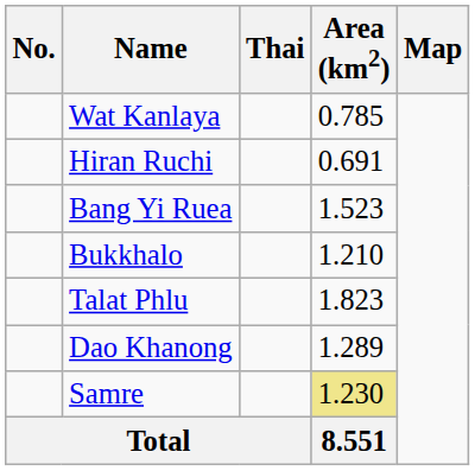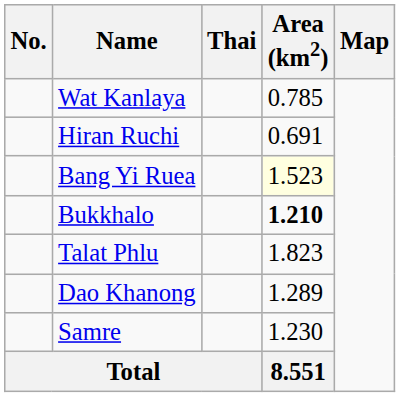 <table class="wikitable sortable">
 <tr>
 <th>No.</th>
 <th>Name</th>
 <th>Thai</th>
 <th>Area<br>(km<sup>2</sup>)</th>
 <th>Map</th>
 </tr>
 <tr>
 <td></td>
 <td><a href='#'>Wat Kanlaya</a></td>
 <td></td>
 <td><div>0.785</div></td>
 <td rowspan=8></td>
 </tr>
 <tr>
 <td></td>
 <td><a href='#'>Hiran Ruchi</a></td>
 <td></td>
 <td><div>	0.691</div></td>
 </tr>
 <tr>
 <td></td>
 <td><a href='#'>Bang Yi Ruea</a></td>
 <td></td>
-<td><div>1.523</div></td>
+<td style="background: lightyellow;"><div>1.523</div></td>
 </tr>
 <tr>
 <td></td>
 <td><a href='#'>Bukkhalo</a></td>
 <td></td>
-<td><div>1.210</div></td>
+<td><strong><div>1.210</div></strong></td>
 </tr>
 <tr>
 <td></td>
 <td><a href='#'>Talat Phlu</a></td>
 <td></td>
 <td><div>1.823</div></td>
 </tr>
 <tr>
 <td></td>
 <td><a href='#'>Dao Khanong</a></td>
 <td></td>
 <td><div>1.289</div></td>
 </tr>
 <tr>
 <td></td>
 <td><a href='#'>Samre</a></td>
 <td></td>
-<td style="background: khaki;"><div>1.230</div></td>
+<td><div>1.230</div></td>
 </tr>
 <tr>
 <th colspan=3>Total</th>
 <th><div>8.551</div></th>
 </tr>
 </table>
